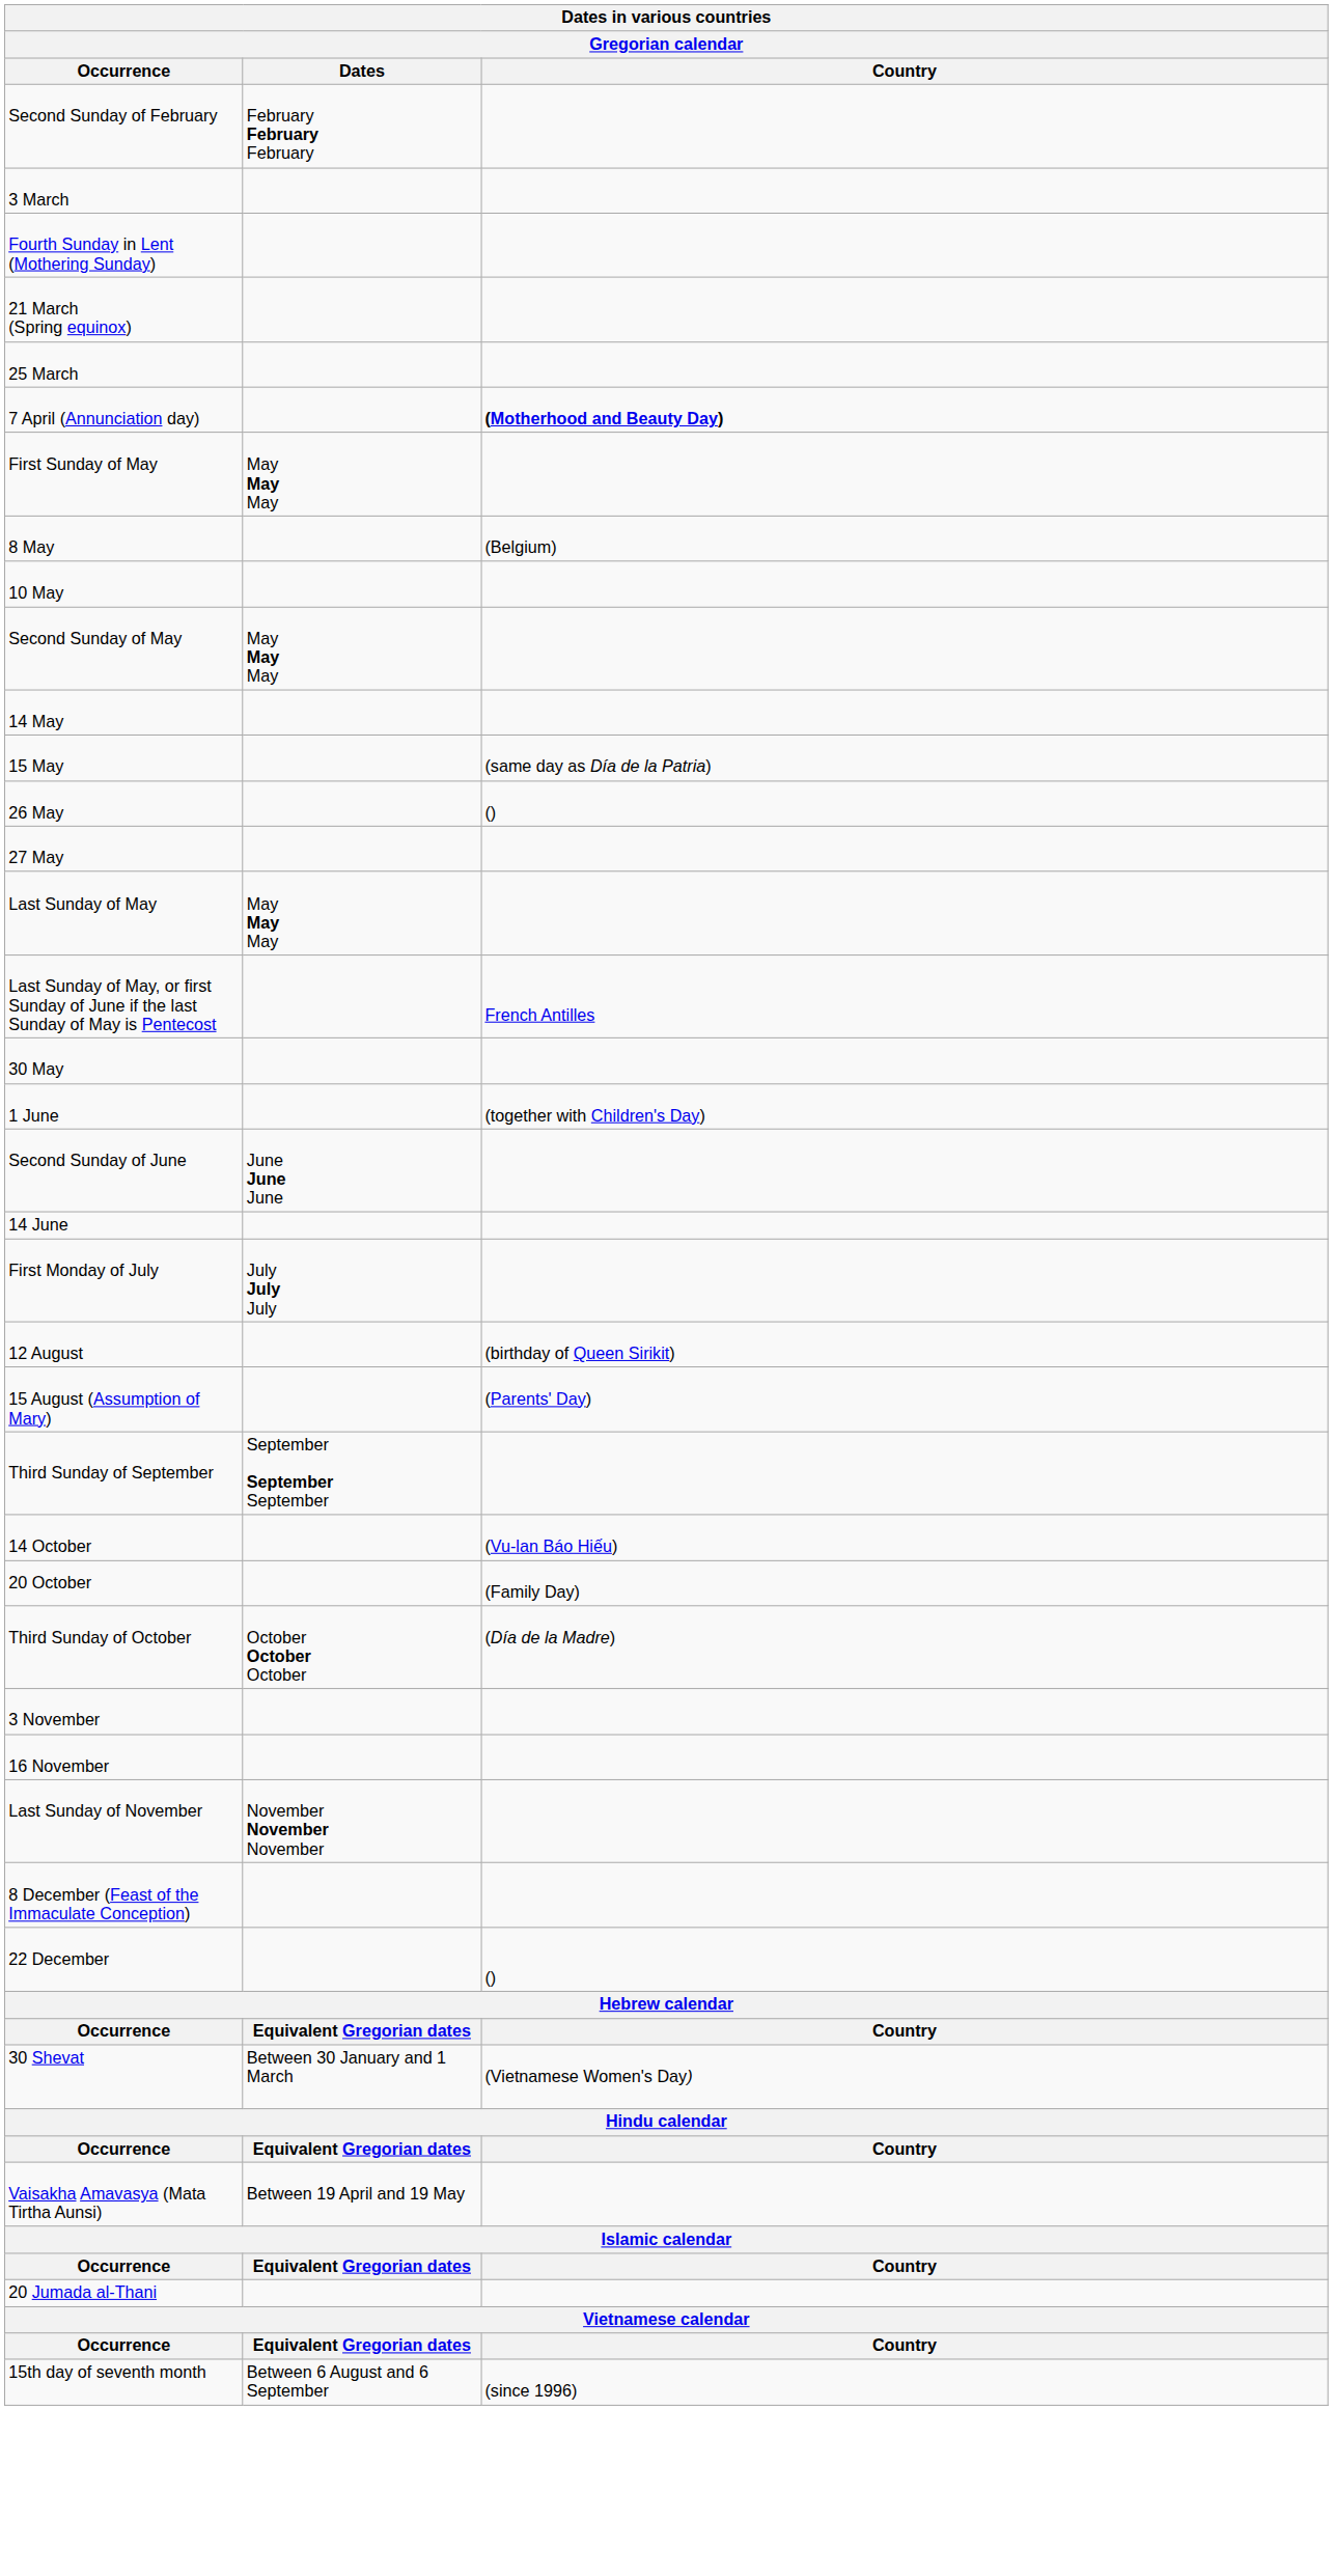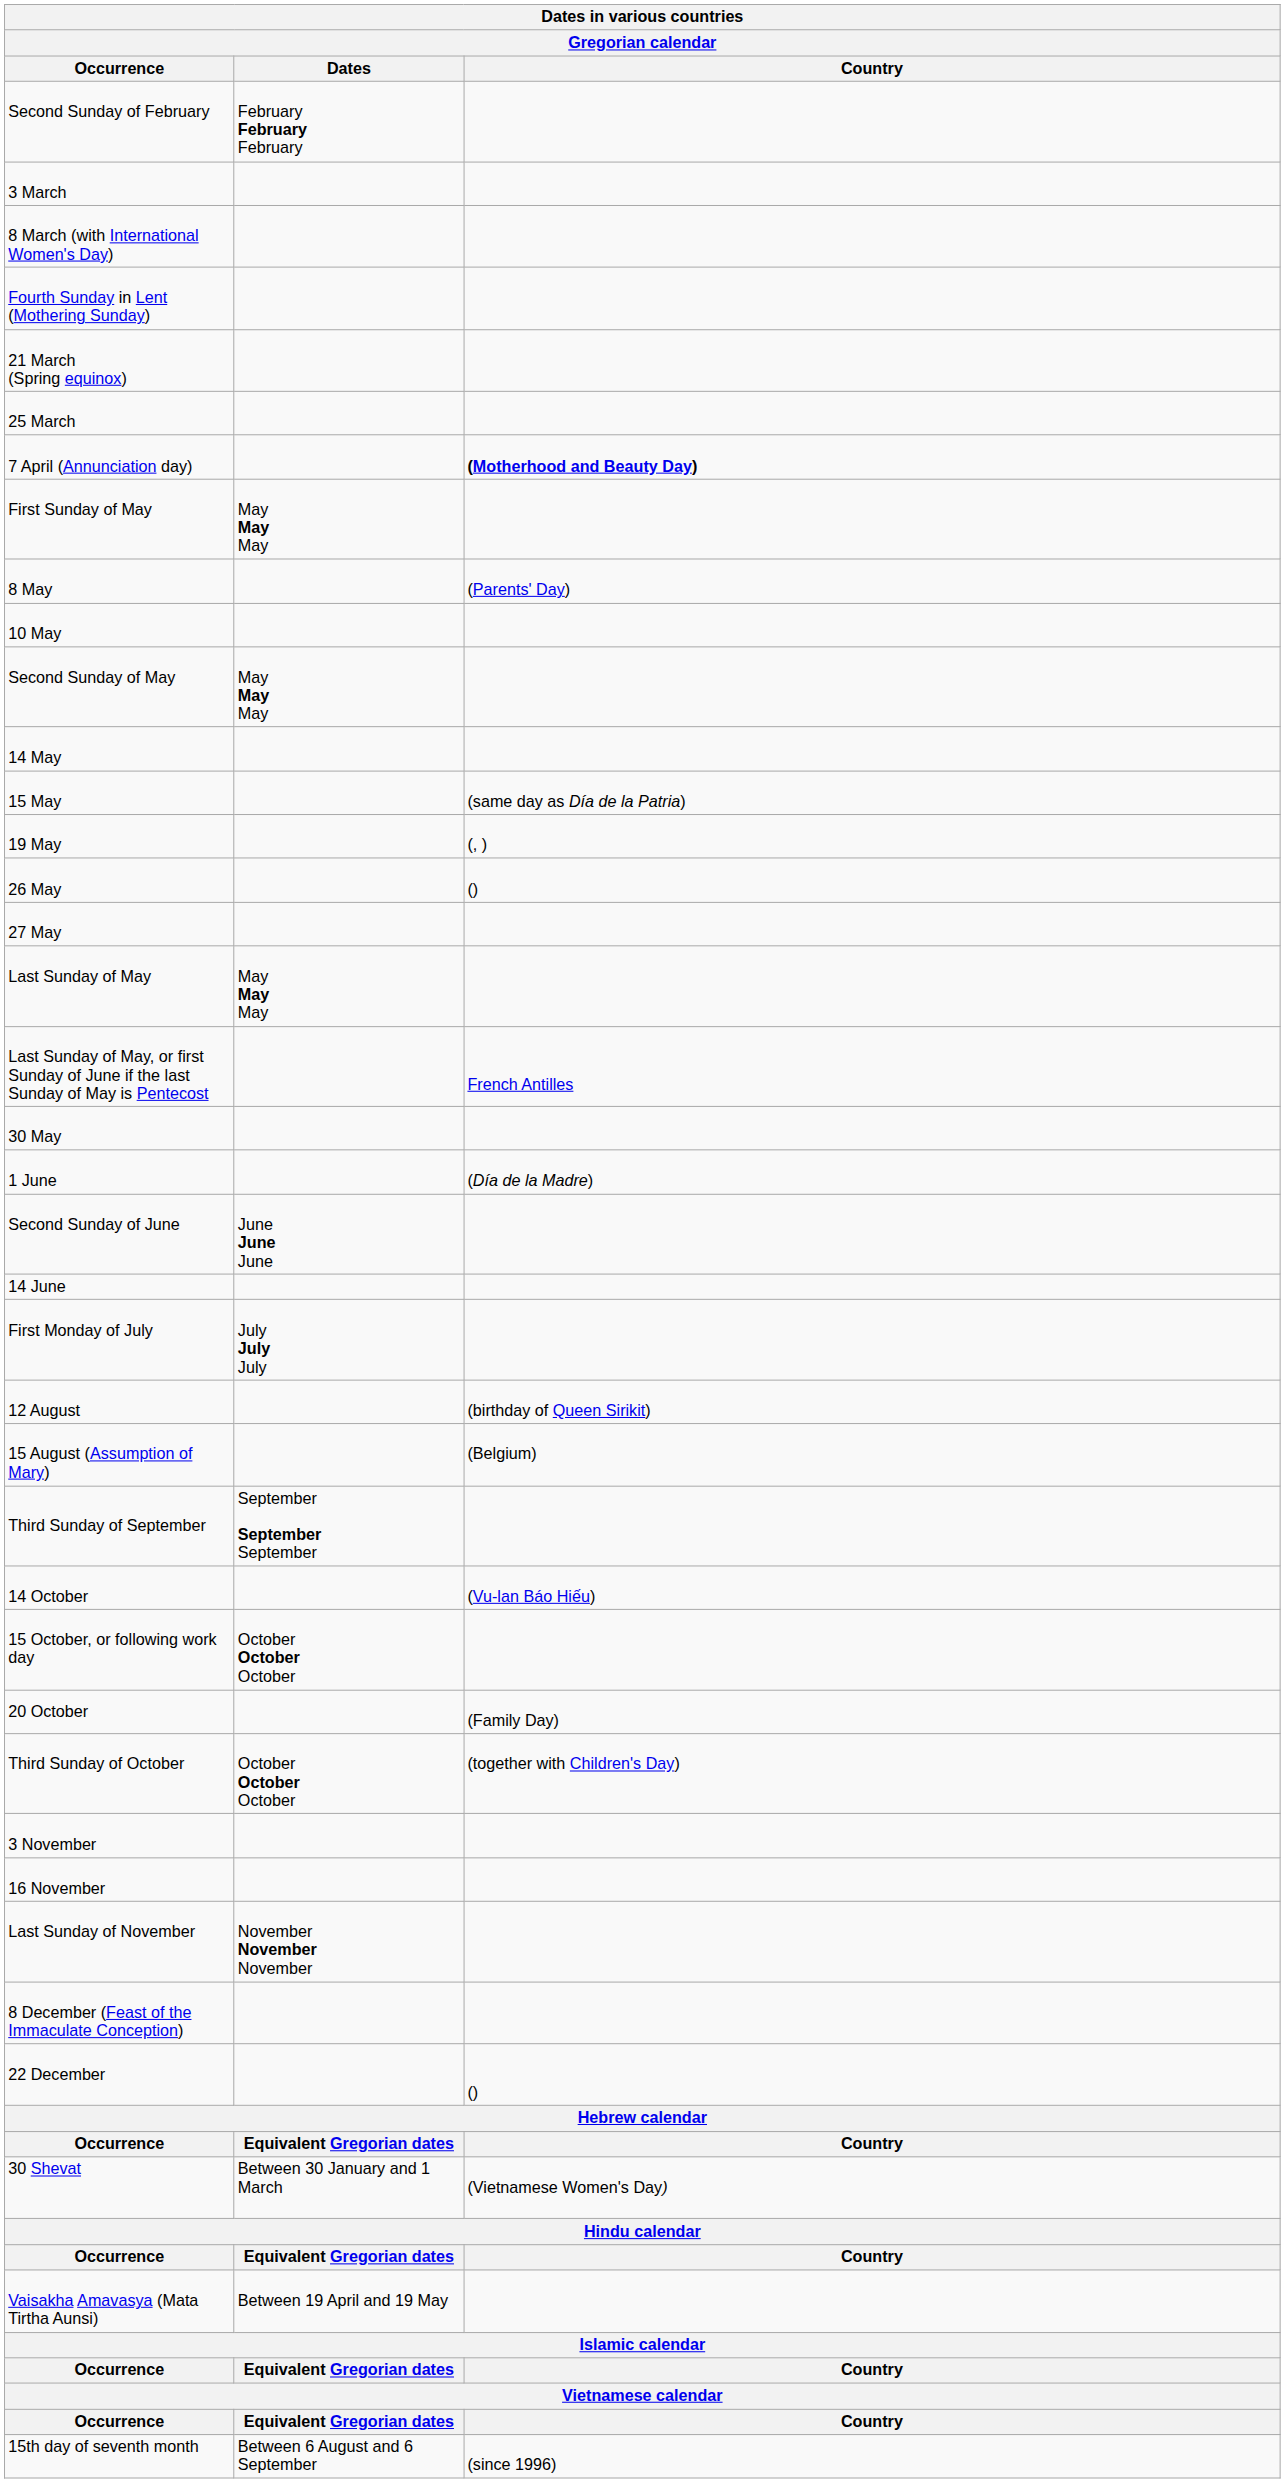 <table class="wikitable mw-collapsible mw-collapsed" style="width:100%;">
 <tr>
 <th colspan="3">Dates in various countries</th>
 </tr>
 <tr>
 <th colspan="3"><a href='#'>Gregorian calendar</a></th>
 </tr>
 <tr>
 <th style="width:18%;">Occurrence</th>
 <th style="width:18%;">Dates</th>
 <th style="width:64%;">Country</th>
 </tr>
 <tr>
 <td valign="top"><br>Second Sunday of February</td>
 <td style="vertical-align:top; width:150px;"><br> February <br> <strong> February </strong><br>  February </td>
 <td style="vertical-align:top;"><br></td>
 </tr>
 <tr>
 <td valign="top"><br>3 March</td>
 <td></td>
 <td style="vertical-align:top;"><br></td>
+</tr>
+<tr>
+<td valign="top"><br>8 March (with <a href='#'>International Women's Day</a>)</td>
+<td></td>
+<td><br> </td>
 </tr>
 <tr>
 <td valign="top"><br><a href='#'>Fourth Sunday</a> in <a href='#'>Lent</a> (<a href='#'>Mothering Sunday</a>)</td>
 <td valign="top"><br><br> <strong></strong><br> </td>
 <td><br> </td>
 </tr>
 <tr>
 <td valign="top"><br>21 March<br> (Spring <a href='#'>equinox</a>)</td>
 <td></td>
 <td><br> </td>
 </tr>
 <tr>
 <td valign="top"><br>25 March</td>
 <td></td>
 <td style="vertical-align:top;"><br></td>
 </tr>
 <tr>
 <td valign="top"><br>7 April (<a href='#'>Annunciation</a> day)</td>
 <td></td>
 <td style="vertical-align:top;"><strong><br> (<a href='#'>Motherhood and Beauty Day</a>)</strong></td>
 </tr>
 <tr>
 <td valign="top"><br>First Sunday of May</td>
 <td valign="top"><br> May <br> <strong> May </strong><br>  May </td>
 <td><br> </td>
 </tr>
 <tr>
 <td valign="top"><br>8 May</td>
 <td></td>
-<td style="vertical-align:top;"><br> (Belgium) <br> </td>
+<td style="vertical-align:top; width:150px;"><br> (<a href='#'>Parents' Day</a>)</td>
 </tr>
 <tr>
 <td valign="top"><br>10 May</td>
 <td></td>
 <td><br> </td>
 </tr>
 <tr>
 <td valign="top"><br>Second Sunday of May</td>
 <td valign="top"><br> May <br> <strong> May </strong><br>  May </td>
 <td><br> </td>
 </tr>
 <tr>
 <td valign="top"><br>14 May</td>
 <td></td>
 <td style="vertical-align:top;"><br></td>
 </tr>
 <tr>
 <td valign="top"><br>15 May</td>
 <td></td>
 <td style="vertical-align:top;"><br> (same day as <em>Día de la Patria</em>)</td>
+</tr>
+<tr>
+<td valign="top"><br>19 May</td>
+<td></td>
+<td style="vertical-align:top;"><br> (, )</td>
 </tr>
 <tr>
 <td valign="top"><br>26 May</td>
 <td></td>
 <td style="vertical-align:top;"><br> ()</td>
 </tr>
 <tr>
 <td valign="top"><br>27 May</td>
 <td></td>
 <td style="vertical-align:top;"><br></td>
 </tr>
 <tr>
 <td valign="top"><br>Last Sunday of May</td>
 <td valign="top"><br> May <br> <strong> May </strong><br>  May </td>
 <td><br> </td>
 </tr>
 <tr>
 <td valign="top"><br>Last Sunday of May, or first Sunday of June if the last Sunday of May is <a href='#'>Pentecost</a></td>
 <td valign="top"><br><br> <strong></strong><br> </td>
 <td><br><br> <a href='#'>French Antilles</a></td>
 </tr>
 <tr>
 <td valign="top"><br>30 May</td>
 <td></td>
 <td style="vertical-align:top;"><br></td>
 </tr>
 <tr>
 <td valign="top"><br>1 June</td>
 <td></td>
-<td style="vertical-align:top;"><br> (together with <a href='#'>Children's Day</a>)</td>
+<td style="vertical-align:top;"><br> (<em>Día de la Madre</em>)</td>
 </tr>
 <tr>
 <td valign="top"><br>Second Sunday of June</td>
 <td valign="top"><br> June <br> <strong> June </strong><br>  June </td>
 <td style="vertical-align:top;"><br></td>
 </tr>
 <tr>
 <td>14 June</td>
 <td></td>
 <td><br></td>
 </tr>
 <tr>
 <td valign="top"><br>First Monday of July</td>
 <td valign="top"><br> July <br> <strong> July </strong><br>  July </td>
 <td style="vertical-align:top;"><br></td>
 </tr>
 <tr>
 <td valign="top"><br>12 August</td>
 <td></td>
 <td style="vertical-align:top;"><br> (birthday of <a href='#'>Queen Sirikit</a>)</td>
 </tr>
 <tr>
 <td valign="top"><br>15 August (<a href='#'>Assumption of Mary</a>)</td>
 <td></td>
-<td style="vertical-align:top; width:150px;"><br> (<a href='#'>Parents' Day</a>)</td>
+<td style="vertical-align:top;"><br> (Belgium) <br> </td>
 </tr>
 <tr>
 <td>Third Sunday of September</td>
 <td> September <br><br><strong> September </strong><br>  September </td>
 <td></td>
 </tr>
 <tr>
 <td valign="top"><br>14 October</td>
 <td></td>
 <td style="vertical-align:top;"><br> (<a href='#'>Vu-lan Báo Hiếu</a>)</td>
 </tr>
 <tr>
+<td valign="top"><br>15 October, or following work day</td>
+<td><br> October <br> <strong> October </strong><br>  October </td>
+<td style="vertical-align:top;"><br></td>
+</tr>
+<tr>
 <td>20 October</td>
 <td></td>
 <td style="vertical-align:top;"><br> (Family Day)</td>
 </tr>
 <tr>
 <td valign="top"><br>Third Sunday of October</td>
 <td valign="top"><br> October <br> <strong> October </strong><br>  October </td>
-<td style="vertical-align:top;"><br> (<em>Día de la Madre</em>)</td>
+<td style="vertical-align:top;"><br> (together with <a href='#'>Children's Day</a>)</td>
 </tr>
 <tr>
 <td valign="top"><br>3 November</td>
 <td></td>
 <td style="vertical-align:top;"><br></td>
 </tr>
 <tr>
 <td valign="top"><br>16 November</td>
 <td></td>
 <td style="vertical-align:top;"><br></td>
 </tr>
 <tr>
 <td valign="top"><br>Last Sunday of November</td>
 <td valign="top"><br> November <br> <strong> November </strong><br>  November </td>
 <td style="vertical-align:top;"><br></td>
 </tr>
 <tr>
 <td valign="top"><br>8 December (<a href='#'>Feast of the Immaculate Conception</a>)</td>
 <td></td>
 <td style="vertical-align:top;"><br></td>
 </tr>
 <tr>
 <td valign="top"><br>22 December</td>
 <td></td>
 <td style="vertical-align:top;"><br><br>()</td>
 </tr>
 <tr>
 <th colspan="3"><a href='#'>Hebrew calendar</a></th>
 </tr>
 <tr>
 <th>Occurrence</th>
 <th>Equivalent <a href='#'>Gregorian dates</a></th>
 <th>Country</th>
 </tr>
 <tr>
 <td valign="top">30 <a href='#'>Shevat</a></td>
 <td>Between 30 January and 1 March<br><br></td>
 <td> (Vietnamese Women's Day<em>)</em></td>
 </tr>
 <tr>
 <th colspan="3"><a href='#'>Hindu calendar</a></th>
 </tr>
 <tr>
 <th>Occurrence</th>
 <th>Equivalent <a href='#'>Gregorian dates</a></th>
 <th>Country</th>
 </tr>
 <tr>
 <td valign="top"><br><a href='#'>Vaisakha</a> <a href='#'>Amavasya</a> (Mata Tirtha Aunsi)</td>
 <td>Between 19 April and 19 May</td>
 <td style="vertical-align:top;"><br></td>
 </tr>
 <tr>
 <th colspan="3"><a href='#'>Islamic calendar</a></th>
 </tr>
 <tr>
 <th>Occurrence</th>
 <th>Equivalent <a href='#'>Gregorian dates</a></th>
 <th>Country</th>
 </tr>
 <tr>
-<td valign="top">20 <a href='#'>Jumada al-Thani</a></td>
-<td></td>
-<td style="vertical-align:top;"><br></td>
-</tr>
-<tr>
 <th colspan="3"><a href='#'>Vietnamese calendar</a></th>
 </tr>
 <tr>
 <th>Occurrence</th>
 <th>Equivalent <a href='#'>Gregorian dates</a></th>
 <th>Country</th>
 </tr>
 <tr>
 <td valign="top">15th day of seventh month</td>
 <td>Between 6 August and 6 September<br></td>
 <td style="vertical-align:top;"><br> (since 1996)</td>
 </tr>
 </table>
